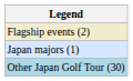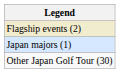 <table class="wikitable" style="font-size:95%;">
 <tr>
 <th>Legend</th>
 </tr>
 <tr style="background:#f2ecce;">
 <td>Flagship events (2)</td>
 </tr>
 <tr style="background:#D6E8FF;">
 <td>Japan majors (1)</td>
 </tr>
 <tr>
-<td style="background: lightblue;">Other Japan Golf Tour (30)</td>
+<td>Other Japan Golf Tour (30)</td>
 </tr>
 </table>
